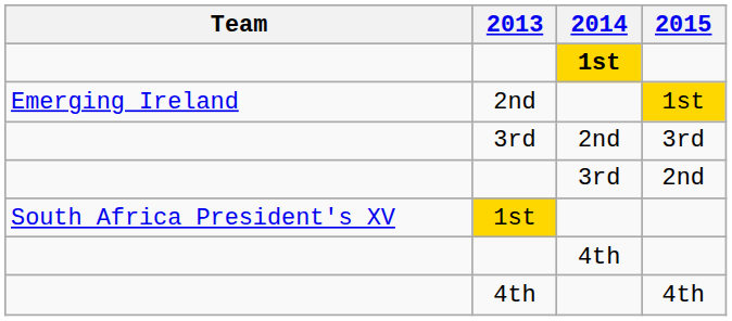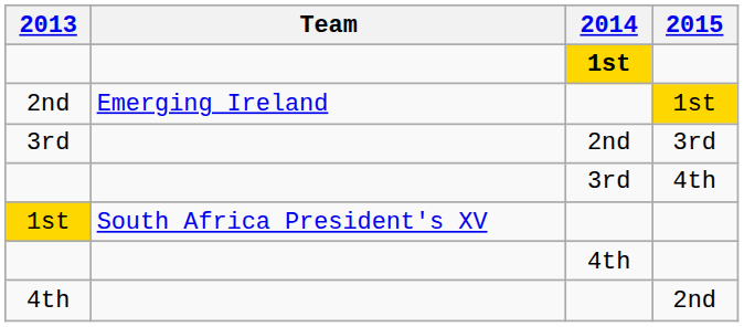 <table class="wikitable">
 <tr>
+<th bgcolor="#efefef" width="40"><a href='#'>2013</a></th>
 <th bgcolor="#efefef" width="250">Team</th>
-<th bgcolor="#efefef" width="40"><a href='#'>2013</a></th>
 <th bgcolor="#efefef" width="40"><a href='#'>2014</a></th>
 <th bgcolor="#efefef" width="40"><a href='#'>2015</a></th>
 </tr>
 <tr align=center>
+<td></td>
 <td align=left></td>
-<td></td>
 <td bgcolor=#FFD700><strong>1st</strong></td>
 <td></td>
 </tr>
 <tr align=center>
+<td>2nd</td>
 <td align=left> <a href='#'>Emerging Ireland</a></td>
-<td>2nd</td>
 <td></td>
 <td bgcolor=#FFD700>1st</td>
 </tr>
 <tr align=center>
+<td>3rd</td>
 <td align=left></td>
-<td>3rd</td>
 <td>2nd</td>
 <td>3rd</td>
 </tr>
 <tr align=center>
+<td></td>
 <td align=left></td>
-<td></td>
 <td>3rd</td>
-<td>2nd</td>
+<td>4th</td>
 </tr>
 <tr align=center>
+<td bgcolor=#FFD700>1st</td>
 <td align=left> <a href='#'>South Africa President's XV</a></td>
-<td bgcolor=#FFD700>1st</td>
 <td></td>
 <td></td>
 </tr>
 <tr align=center>
+<td></td>
 <td align=left></td>
-<td></td>
 <td>4th</td>
 <td></td>
 </tr>
 <tr align=center>
+<td>4th</td>
 <td align=left></td>
-<td>4th</td>
 <td></td>
-<td>4th</td>
+<td>2nd</td>
 </tr>
 </table>
